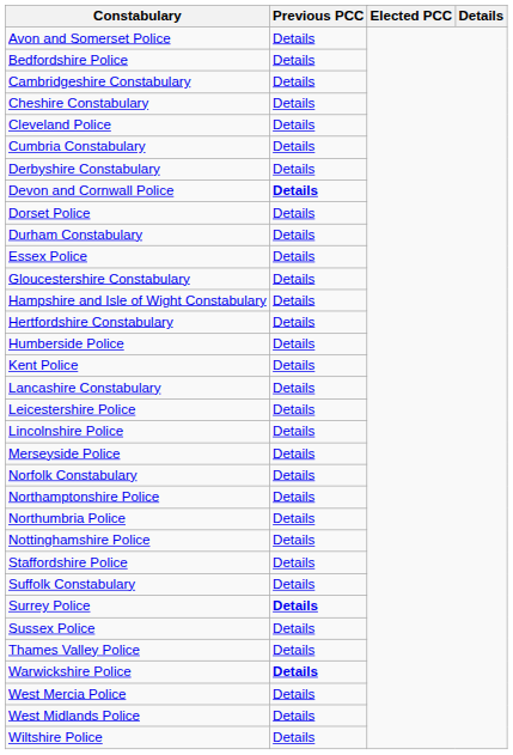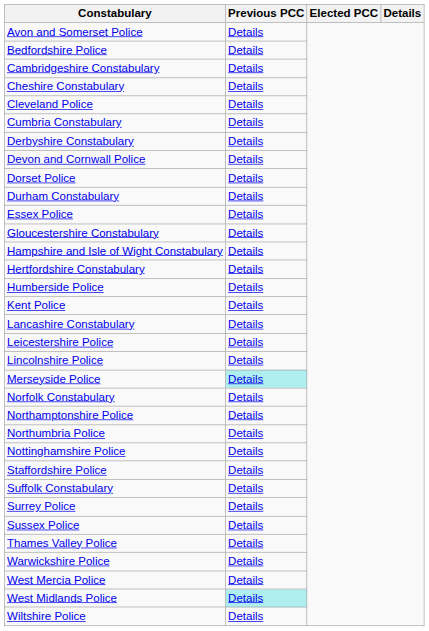 <table class="wikitable">
 <tr>
 <th>Constabulary</th>
 <th colspan="2">Previous PCC</th>
 <th colspan="2">Elected PCC</th>
 <th>Details</th>
 </tr>
 <tr>
 <td><a href='#'>Avon and Somerset Police</a><br> </td>
 <td><a href='#'>Details</a></td>
 </tr>
 <tr>
 <td><a href='#'>Bedfordshire Police</a><br> </td>
 <td><a href='#'>Details</a></td>
 </tr>
 <tr>
 <td><a href='#'>Cambridgeshire Constabulary</a><br> </td>
 <td><a href='#'>Details</a></td>
 </tr>
 <tr>
 <td><a href='#'>Cheshire Constabulary</a><br> </td>
 <td><a href='#'>Details</a></td>
 </tr>
 <tr>
 <td><a href='#'>Cleveland Police</a><br> </td>
 <td><a href='#'>Details</a></td>
 </tr>
 <tr>
 <td><a href='#'>Cumbria Constabulary</a><br> </td>
 <td><a href='#'>Details</a></td>
 </tr>
 <tr>
 <td><a href='#'>Derbyshire Constabulary</a><br> </td>
 <td><a href='#'>Details</a></td>
 </tr>
 <tr>
 <td><a href='#'>Devon and Cornwall Police</a><br> </td>
-<td><strong><a href='#'>Details</a></strong></td>
+<td><a href='#'>Details</a></td>
 </tr>
 <tr>
 <td><a href='#'>Dorset Police</a><br> </td>
 <td><a href='#'>Details</a></td>
 </tr>
 <tr>
 <td><a href='#'>Durham Constabulary</a><br> </td>
 <td><a href='#'>Details</a></td>
 </tr>
 <tr>
 <td><a href='#'>Essex Police</a><br> </td>
 <td><a href='#'>Details</a></td>
 </tr>
 <tr>
 <td><a href='#'>Gloucestershire Constabulary</a><br> </td>
 <td><a href='#'>Details</a></td>
 </tr>
 <tr>
 <td><a href='#'>Hampshire and Isle of Wight Constabulary</a><br> </td>
 <td><a href='#'>Details</a></td>
 </tr>
 <tr>
 <td><a href='#'>Hertfordshire Constabulary</a><br> </td>
 <td><a href='#'>Details</a></td>
 </tr>
 <tr>
 <td><a href='#'>Humberside Police</a><br> </td>
 <td><a href='#'>Details</a></td>
 </tr>
 <tr>
 <td><a href='#'>Kent Police</a><br> </td>
 <td><a href='#'>Details</a></td>
 </tr>
 <tr>
 <td><a href='#'>Lancashire Constabulary</a><br> </td>
 <td><a href='#'>Details</a></td>
 </tr>
 <tr>
 <td><a href='#'>Leicestershire Police</a><br> </td>
 <td><a href='#'>Details</a></td>
 </tr>
 <tr>
 <td><a href='#'>Lincolnshire Police</a><br> </td>
 <td><a href='#'>Details</a></td>
 </tr>
 <tr>
 <td><a href='#'>Merseyside Police</a><br> </td>
-<td><a href='#'>Details</a></td>
+<td style="background: paleturquoise;"><a href='#'>Details</a></td>
 </tr>
 <tr>
 <td><a href='#'>Norfolk Constabulary</a><br> </td>
 <td><a href='#'>Details</a></td>
 </tr>
 <tr>
 <td><a href='#'>Northamptonshire Police</a><br> </td>
 <td><a href='#'>Details</a></td>
 </tr>
 <tr>
 <td><a href='#'>Northumbria Police</a><br></td>
 <td><a href='#'>Details</a></td>
 </tr>
 <tr>
 <td><a href='#'>Nottinghamshire Police</a><br></td>
 <td><a href='#'>Details</a></td>
 </tr>
 <tr>
 <td><a href='#'>Staffordshire Police</a><br> </td>
 <td><a href='#'>Details</a></td>
 </tr>
 <tr>
 <td><a href='#'>Suffolk Constabulary</a><br> </td>
 <td><a href='#'>Details</a></td>
 </tr>
 <tr>
 <td><a href='#'>Surrey Police</a><br> </td>
-<td><strong><a href='#'>Details</a></strong></td>
+<td><a href='#'>Details</a></td>
 </tr>
 <tr>
 <td><a href='#'>Sussex Police</a><br> </td>
 <td><a href='#'>Details</a></td>
 </tr>
 <tr>
 <td><a href='#'>Thames Valley Police</a><br> </td>
 <td><a href='#'>Details</a></td>
 </tr>
 <tr>
 <td><a href='#'>Warwickshire Police</a><br> </td>
-<td><strong><a href='#'>Details</a></strong></td>
+<td><a href='#'>Details</a></td>
 </tr>
 <tr>
 <td><a href='#'>West Mercia Police</a><br> </td>
 <td><a href='#'>Details</a></td>
 </tr>
 <tr>
 <td><a href='#'>West Midlands Police</a><br> </td>
-<td><a href='#'>Details</a></td>
+<td style="background: paleturquoise;"><a href='#'>Details</a></td>
 </tr>
 <tr>
 <td><a href='#'>Wiltshire Police</a><br> </td>
 <td><a href='#'>Details</a></td>
 </tr>
 </table>
